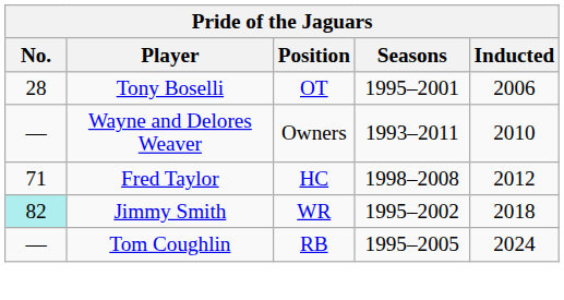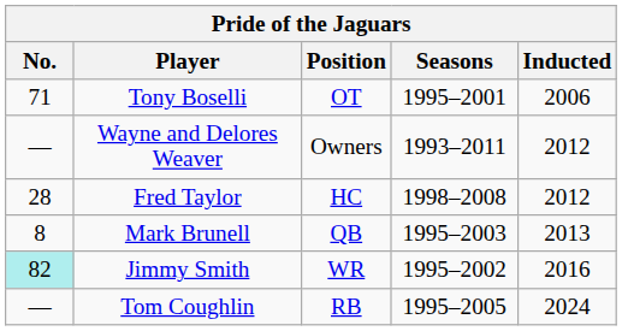 <table class="wikitable" style="text-align:center">
 <tr>
 <th colspan=5><strong>Pride of the Jaguars</strong></th>
 </tr>
 <tr>
 <th style="width:40px; ">No.</th>
 <th style="width:150px; ">Player</th>
 <th style="width:40px; ">Position</th>
 <th style="width:80px; ">Seasons</th>
 <th style="width:40px; ">Inducted</th>
 </tr>
 <tr>
-<td>28</td>
+<td>71</td>
 <td><a href='#'>Tony Boselli</a></td>
 <td><a href='#'>OT</a></td>
 <td>1995–2001</td>
 <td>2006</td>
 </tr>
 <tr>
 <td>—</td>
 <td><a href='#'>Wayne and Delores Weaver</a></td>
 <td>Owners</td>
 <td>1993–2011</td>
-<td>2010</td>
+<td>2012</td>
 </tr>
 <tr>
-<td>71</td>
+<td>28</td>
 <td><a href='#'>Fred Taylor</a></td>
 <td><a href='#'>HC</a></td>
 <td>1998–2008</td>
 <td>2012</td>
 </tr>
 <tr>
+<td>8</td>
+<td><a href='#'>Mark Brunell</a></td>
+<td><a href='#'>QB</a></td>
+<td>1995–2003</td>
+<td>2013</td>
+</tr>
+<tr>
 <td style="background: paleturquoise;">82</td>
 <td><a href='#'>Jimmy Smith</a></td>
 <td><a href='#'>WR</a></td>
 <td>1995–2002</td>
-<td>2018</td>
+<td>2016</td>
 </tr>
 <tr>
 <td>—</td>
 <td><a href='#'>Tom Coughlin</a></td>
 <td><a href='#'>RB</a></td>
 <td>1995–2005</td>
 <td>2024</td>
 </tr>
 </table>
